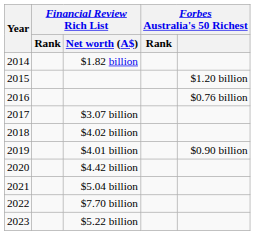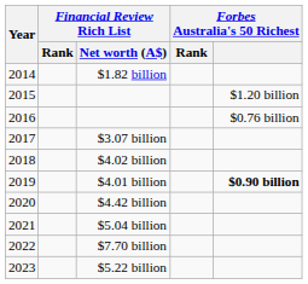 <table class="wikitable">
 <tr>
 <th rowspan=2>Year</th>
 <th colspan=2><em><a href='#'>Financial Review</a></em><br><a href='#'>Rich List</a></th>
 <th colspan=2><em><a href='#'>Forbes</a></em><br><a href='#'>Australia's 50 Richest</a></th>
 </tr>
 <tr>
 <th>Rank</th>
 <th><a href='#'>Net worth</a> (<a href='#'>A$</a>)</th>
 <th>Rank</th>
 <th></th>
 </tr>
 <tr>
 <td>2014</td>
 <td align="center"></td>
 <td align="right">$1.82 <a href='#'>billion</a> </td>
 <td align="center"></td>
 <td align="right"></td>
 </tr>
 <tr>
 <td>2015</td>
 <td align="center"></td>
 <td align="right"></td>
 <td align="center"></td>
 <td align="right">$1.20 billion </td>
 </tr>
 <tr>
 <td>2016</td>
 <td align="center"></td>
 <td align="right"></td>
 <td align="center"></td>
 <td align="right">$0.76 billion </td>
 </tr>
 <tr>
 <td>2017</td>
 <td align="center"></td>
 <td align="right">$3.07 billion </td>
 <td align="center"></td>
 <td align="right"></td>
 </tr>
 <tr>
 <td>2018</td>
 <td align="center"></td>
 <td align="right">$4.02 billion </td>
 <td align="center"></td>
 <td align="right"></td>
 </tr>
 <tr>
 <td>2019</td>
 <td align="center"></td>
 <td align="right">$4.01 billion </td>
 <td align="center"></td>
-<td align="right">$0.90 billion </td>
+<td align="right"><strong>$0.90 billion </strong></td>
 </tr>
 <tr>
 <td>2020</td>
 <td align="center"></td>
 <td align="right">$4.42 billion </td>
 <td align="center"></td>
 <td align="right"></td>
 </tr>
 <tr>
 <td>2021</td>
 <td align="center"></td>
 <td align="right">$5.04 billion </td>
 <td align="center"></td>
 <td align="right"></td>
 </tr>
 <tr>
 <td>2022</td>
 <td align="center"></td>
 <td align="right">$7.70 billion </td>
 <td align="center"></td>
 <td align="right"></td>
 </tr>
 <tr>
 <td>2023</td>
 <td align="center"></td>
 <td align="right">$5.22 billion </td>
 <td align="center"></td>
 <td align="right"></td>
 </tr>
 </table>
